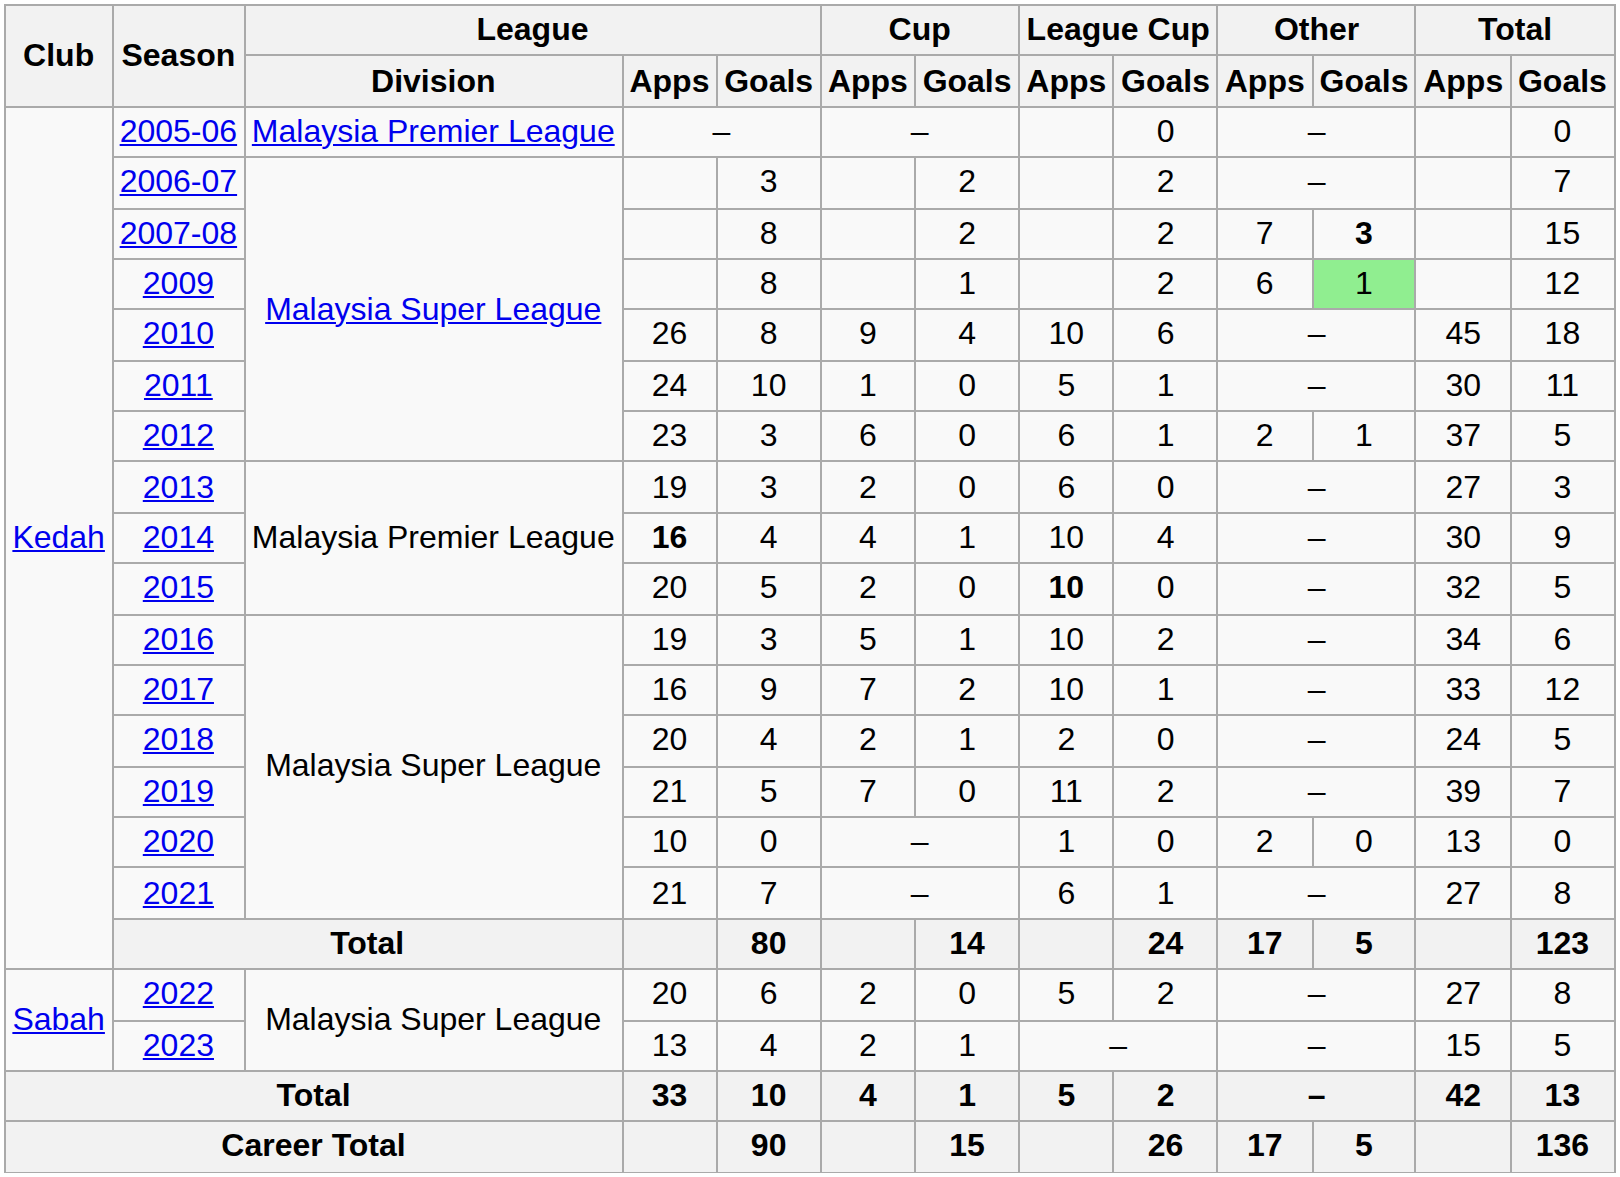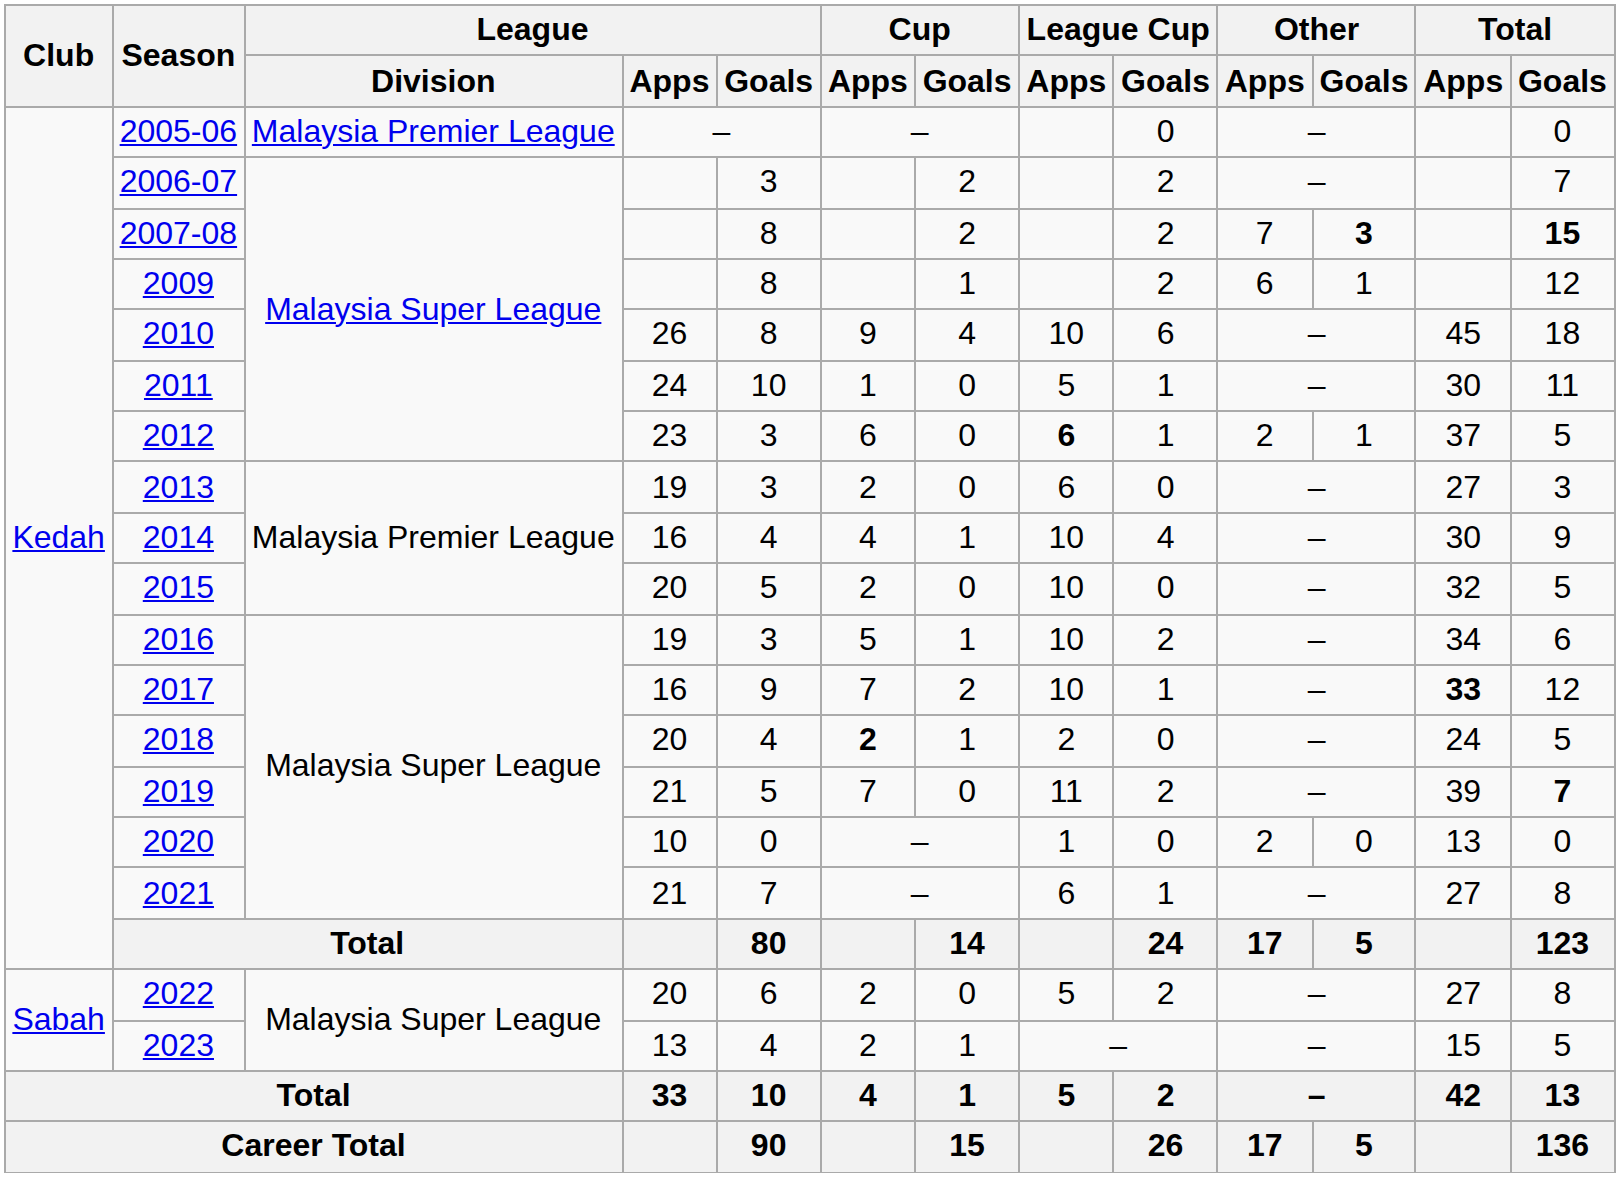 <table class=wikitable style="text-align:center">
 <tr>
 <th rowspan="2">Club</th>
 <th rowspan="2">Season</th>
 <th colspan="3">League</th>
 <th colspan="2">Cup</th>
 <th colspan="2">League Cup</th>
 <th colspan="2">Other</th>
 <th colspan="2">Total</th>
 </tr>
 <tr>
 <th>Division</th>
 <th>Apps</th>
 <th>Goals</th>
 <th>Apps</th>
 <th>Goals</th>
 <th>Apps</th>
 <th>Goals</th>
 <th>Apps</th>
 <th>Goals</th>
 <th>Apps</th>
 <th>Goals</th>
 </tr>
 <tr>
 <td rowspan=17><a href='#'>Kedah</a></td>
 <td><a href='#'>2005-06</a></td>
 <td><a href='#'>Malaysia Premier League</a></td>
 <td colspan=2>–</td>
 <td colspan=2>–</td>
 <td></td>
 <td>0</td>
 <td colspan=2>–</td>
 <td></td>
 <td>0</td>
 </tr>
 <tr>
 <td><a href='#'>2006-07</a></td>
 <td rowspan=6><a href='#'>Malaysia Super League</a></td>
 <td></td>
 <td>3</td>
 <td></td>
 <td>2</td>
 <td></td>
 <td>2</td>
 <td colspan=2>–</td>
 <td></td>
 <td>7</td>
 </tr>
 <tr>
 <td><a href='#'>2007-08</a></td>
 <td></td>
 <td>8</td>
 <td></td>
 <td>2</td>
 <td></td>
 <td>2</td>
 <td>7</td>
 <td><strong>3</strong></td>
 <td></td>
-<td>15</td>
+<td><strong>15</strong></td>
 </tr>
 <tr>
 <td><a href='#'>2009</a></td>
 <td></td>
 <td>8</td>
 <td></td>
 <td>1</td>
 <td></td>
 <td>2</td>
 <td>6</td>
-<td style="background: lightgreen;">1</td>
+<td>1</td>
 <td></td>
 <td>12</td>
 </tr>
 <tr>
 <td><a href='#'>2010</a></td>
 <td>26</td>
 <td>8</td>
 <td>9</td>
 <td>4</td>
 <td>10</td>
 <td>6</td>
 <td colspan=2>–</td>
 <td>45</td>
 <td>18</td>
 </tr>
 <tr>
 <td><a href='#'>2011</a></td>
 <td>24</td>
 <td>10</td>
 <td>1</td>
 <td>0</td>
 <td>5</td>
 <td>1</td>
 <td colspan=2>–</td>
 <td>30</td>
 <td>11</td>
 </tr>
 <tr>
 <td><a href='#'>2012</a></td>
 <td>23</td>
 <td>3</td>
 <td>6</td>
 <td>0</td>
-<td>6</td>
+<td><strong>6</strong></td>
 <td>1</td>
 <td>2</td>
 <td>1</td>
 <td>37</td>
 <td>5</td>
 </tr>
 <tr>
 <td><a href='#'>2013</a></td>
 <td rowspan=3>Malaysia Premier League</td>
 <td>19</td>
 <td>3</td>
 <td>2</td>
 <td>0</td>
 <td>6</td>
 <td>0</td>
 <td colspan=2>–</td>
 <td>27</td>
 <td>3</td>
 </tr>
 <tr>
 <td><a href='#'>2014</a></td>
-<td><strong>16</strong></td>
+<td>16</td>
 <td>4</td>
 <td>4</td>
 <td>1</td>
 <td>10</td>
 <td>4</td>
 <td colspan=2>–</td>
 <td>30</td>
 <td>9</td>
 </tr>
 <tr>
 <td><a href='#'>2015</a></td>
 <td>20</td>
 <td>5</td>
 <td>2</td>
 <td>0</td>
-<td><strong>10</strong></td>
+<td>10</td>
 <td>0</td>
 <td colspan=2>–</td>
 <td>32</td>
 <td>5</td>
 </tr>
 <tr>
 <td><a href='#'>2016</a></td>
 <td rowspan=6>Malaysia Super League</td>
 <td>19</td>
 <td>3</td>
 <td>5</td>
 <td>1</td>
 <td>10</td>
 <td>2</td>
 <td colspan=2>–</td>
 <td>34</td>
 <td>6</td>
 </tr>
 <tr>
 <td><a href='#'>2017</a></td>
 <td>16</td>
 <td>9</td>
 <td>7</td>
 <td>2</td>
 <td>10</td>
 <td>1</td>
 <td colspan=2>–</td>
-<td>33</td>
+<td><strong>33</strong></td>
 <td>12</td>
 </tr>
 <tr>
 <td><a href='#'>2018</a></td>
 <td>20</td>
 <td>4</td>
-<td>2</td>
+<td><strong>2</strong></td>
 <td>1</td>
 <td>2</td>
 <td>0</td>
 <td colspan=2>–</td>
 <td>24</td>
 <td>5</td>
 </tr>
 <tr>
 <td><a href='#'>2019</a></td>
 <td>21</td>
 <td>5</td>
 <td>7</td>
 <td>0</td>
 <td>11</td>
 <td>2</td>
 <td colspan=2>–</td>
 <td>39</td>
-<td>7</td>
+<td><strong>7</strong></td>
 </tr>
 <tr>
 <td><a href='#'>2020</a></td>
 <td>10</td>
 <td>0</td>
 <td colspan=2>–</td>
 <td>1</td>
 <td>0</td>
 <td>2</td>
 <td>0</td>
 <td>13</td>
 <td>0</td>
 </tr>
 <tr>
 <td><a href='#'>2021</a></td>
 <td>21</td>
 <td>7</td>
 <td colspan=2>–</td>
 <td>6</td>
 <td>1</td>
 <td colspan=2>–</td>
 <td>27</td>
 <td>8</td>
 </tr>
 <tr>
 <th colspan="2">Total</th>
 <th></th>
 <th>80</th>
 <th></th>
 <th>14</th>
 <th></th>
 <th>24</th>
 <th>17</th>
 <th>5</th>
 <th></th>
 <th>123</th>
 </tr>
 <tr>
 <td rowspan=2><a href='#'>Sabah</a></td>
 <td><a href='#'>2022</a></td>
 <td rowspan="2">Malaysia Super League</td>
 <td>20</td>
 <td>6</td>
 <td>2</td>
 <td>0</td>
 <td>5</td>
 <td>2</td>
 <td colspan=2>–</td>
 <td>27</td>
 <td>8</td>
 </tr>
 <tr>
 <td><a href='#'>2023</a></td>
 <td>13</td>
 <td>4</td>
 <td>2</td>
 <td>1</td>
 <td colspan=2>–</td>
 <td colspan=2>–</td>
 <td>15</td>
 <td>5</td>
 </tr>
 <tr>
 <th colspan="3">Total</th>
 <th>33</th>
 <th>10</th>
 <th>4</th>
 <th>1</th>
 <th>5</th>
 <th>2</th>
 <th colspan=2>–</th>
 <th>42</th>
 <th>13</th>
 </tr>
 <tr>
 <th colspan="3">Career Total</th>
 <th></th>
 <th>90</th>
 <th></th>
 <th>15</th>
 <th></th>
 <th>26</th>
 <th>17</th>
 <th>5</th>
 <th></th>
 <th>136</th>
 </tr>
 </table>
